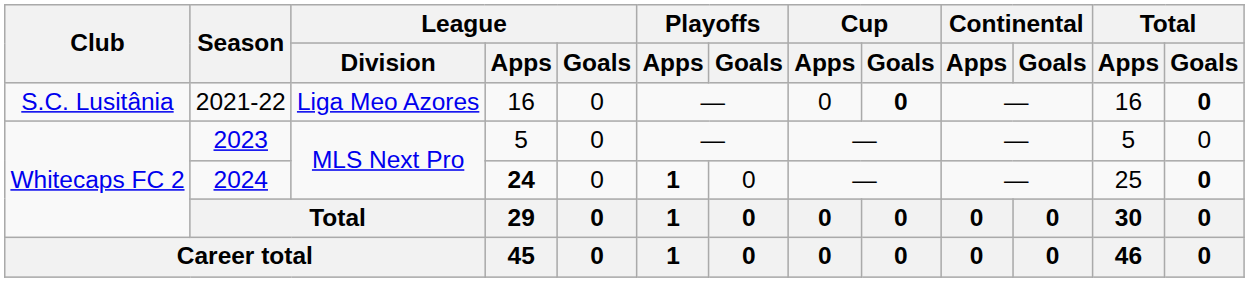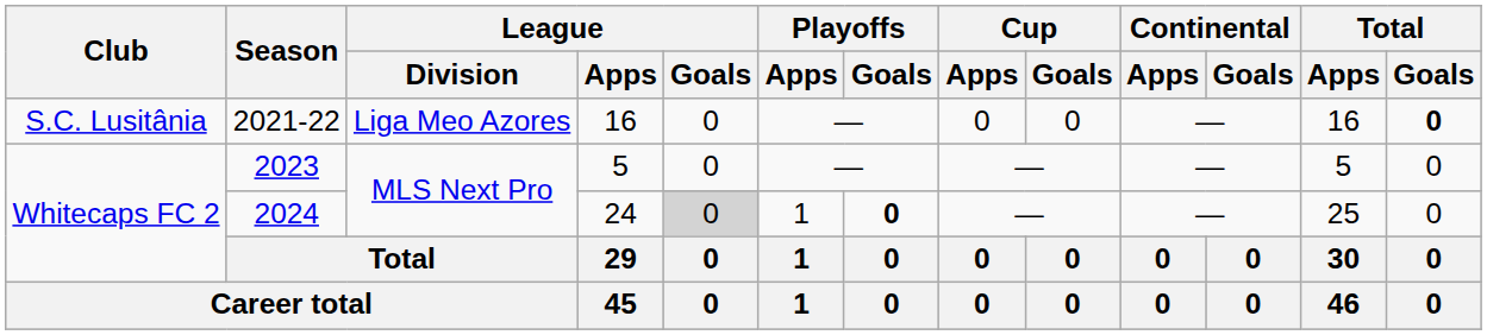 <table class=wikitable style="text-align: center;">
 <tr>
 <th rowspan=2>Club</th>
 <th rowspan=2>Season</th>
 <th colspan=3>League</th>
 <th colspan=2>Playoffs</th>
 <th colspan=2>Cup</th>
 <th colspan=2>Continental</th>
 <th colspan=2>Total</th>
 </tr>
 <tr>
 <th>Division</th>
 <th>Apps</th>
 <th>Goals</th>
 <th>Apps</th>
 <th>Goals</th>
 <th>Apps</th>
 <th>Goals</th>
 <th>Apps</th>
 <th>Goals</th>
 <th>Apps</th>
 <th>Goals</th>
 </tr>
 <tr>
 <td><a href='#'>S.C. Lusitânia</a></td>
 <td>2021-22</td>
 <td><a href='#'>Liga Meo Azores</a></td>
 <td>16</td>
 <td>0</td>
 <td colspan="2">—</td>
 <td>0</td>
-<td><strong>0</strong></td>
+<td>0</td>
 <td colspan="2">—</td>
 <td>16</td>
 <td><strong>0</strong></td>
 </tr>
 <tr>
 <td rowspan=3><a href='#'>Whitecaps FC 2</a></td>
 <td><a href='#'>2023</a></td>
 <td rowspan=2><a href='#'>MLS Next Pro</a></td>
 <td>5</td>
 <td>0</td>
 <td colspan="2">—</td>
 <td colspan="2">—</td>
 <td colspan="2">—</td>
 <td>5</td>
 <td>0</td>
 </tr>
 <tr>
 <td><a href='#'>2024</a></td>
-<td><strong>24</strong></td>
-<td>0</td>
-<td><strong>1</strong></td>
-<td>0</td>
+<td>24</td>
+<td style="background: lightgrey;">0</td>
+<td>1</td>
+<td><strong>0</strong></td>
 <td colspan="2">—</td>
 <td colspan="2">—</td>
 <td>25</td>
-<td><strong>0</strong></td>
+<td>0</td>
 </tr>
 <tr>
 <th colspan="2">Total</th>
 <th>29</th>
 <th>0</th>
 <th>1</th>
 <th>0</th>
 <th>0</th>
 <th>0</th>
 <th>0</th>
 <th>0</th>
 <th>30</th>
 <th>0</th>
 </tr>
 <tr>
 <th colspan=3>Career total</th>
 <th>45</th>
 <th>0</th>
 <th>1</th>
 <th>0</th>
 <th>0</th>
 <th>0</th>
 <th>0</th>
 <th>0</th>
 <th>46</th>
 <th>0</th>
 </tr>
 </table>
